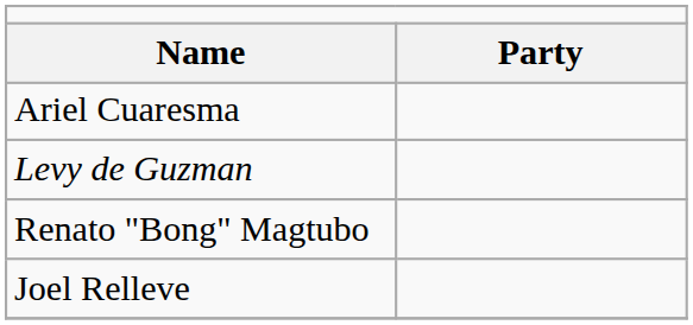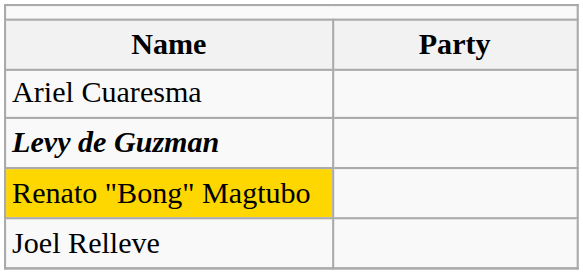 <table class=wikitable style="font-size:90%">
 <tr>
 <td colspan="4" bgcolor=></td>
 </tr>
 <tr>
 <th width=150px>Name</th>
 <th colspan="2" width=110px>Party</th>
 </tr>
 <tr>
 <td>Ariel Cuaresma</td>
 <td></td>
 </tr>
 <tr>
-<td><em>Levy de Guzman</em></td>
+<td><strong><em>Levy de Guzman</em></strong></td>
 <td></td>
 </tr>
 <tr>
-<td>Renato "Bong" Magtubo</td>
+<td style="background: gold;">Renato "Bong" Magtubo</td>
 <td></td>
 </tr>
 <tr>
 <td>Joel Relleve</td>
 <td></td>
 </tr>
 <tr>
 </tr>
 </table>
